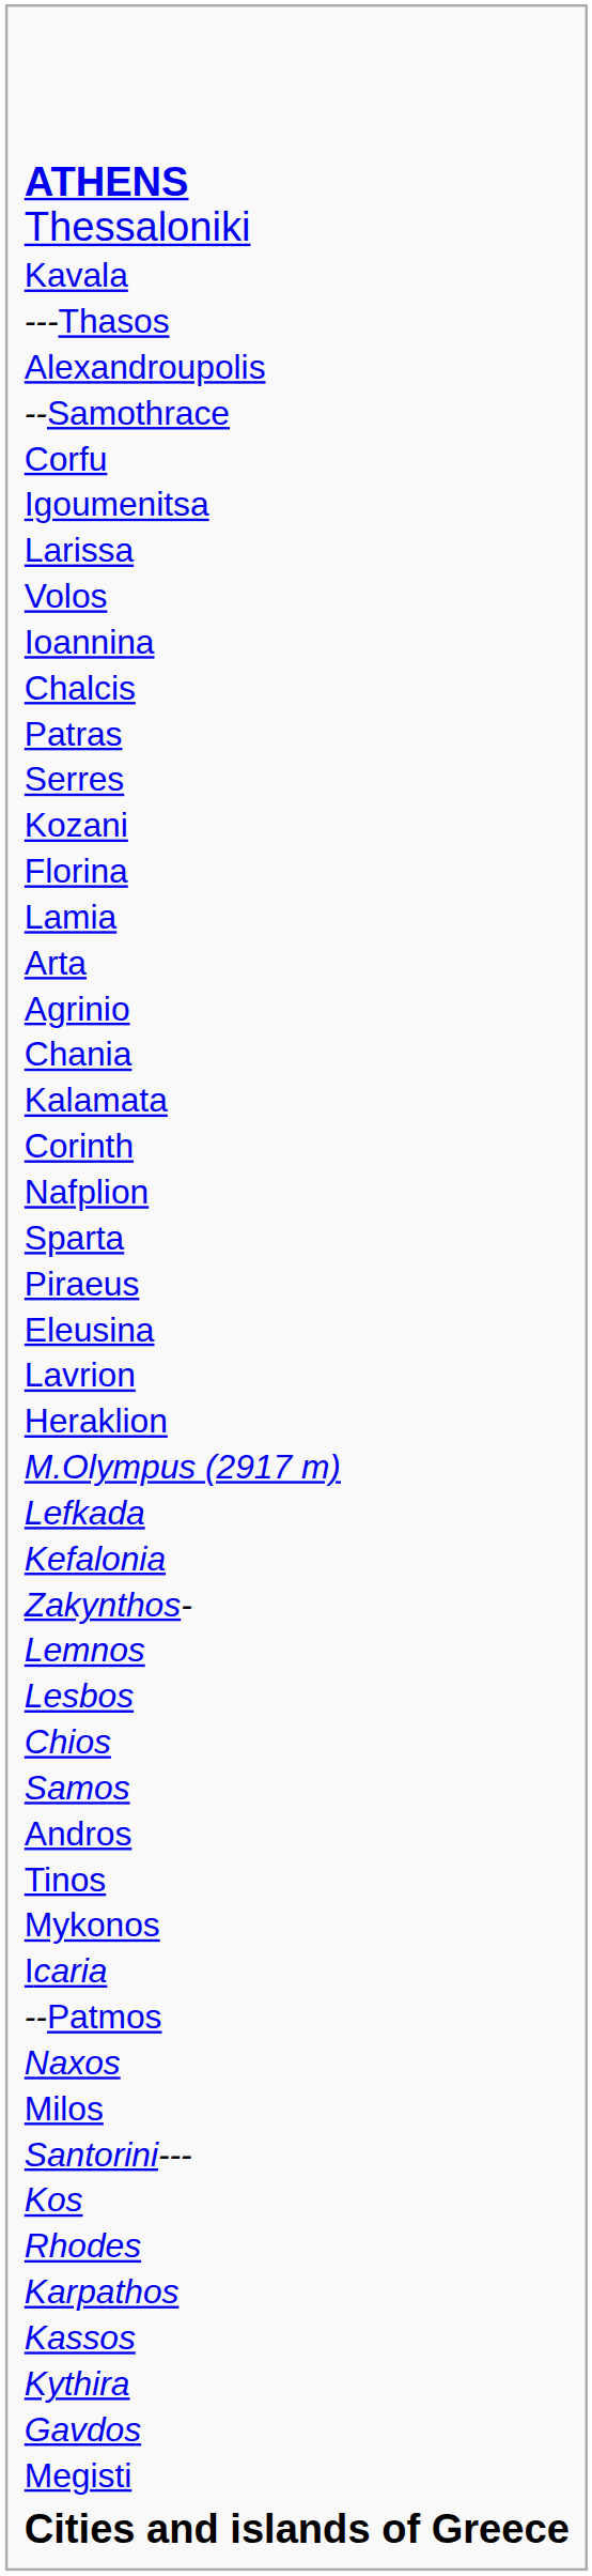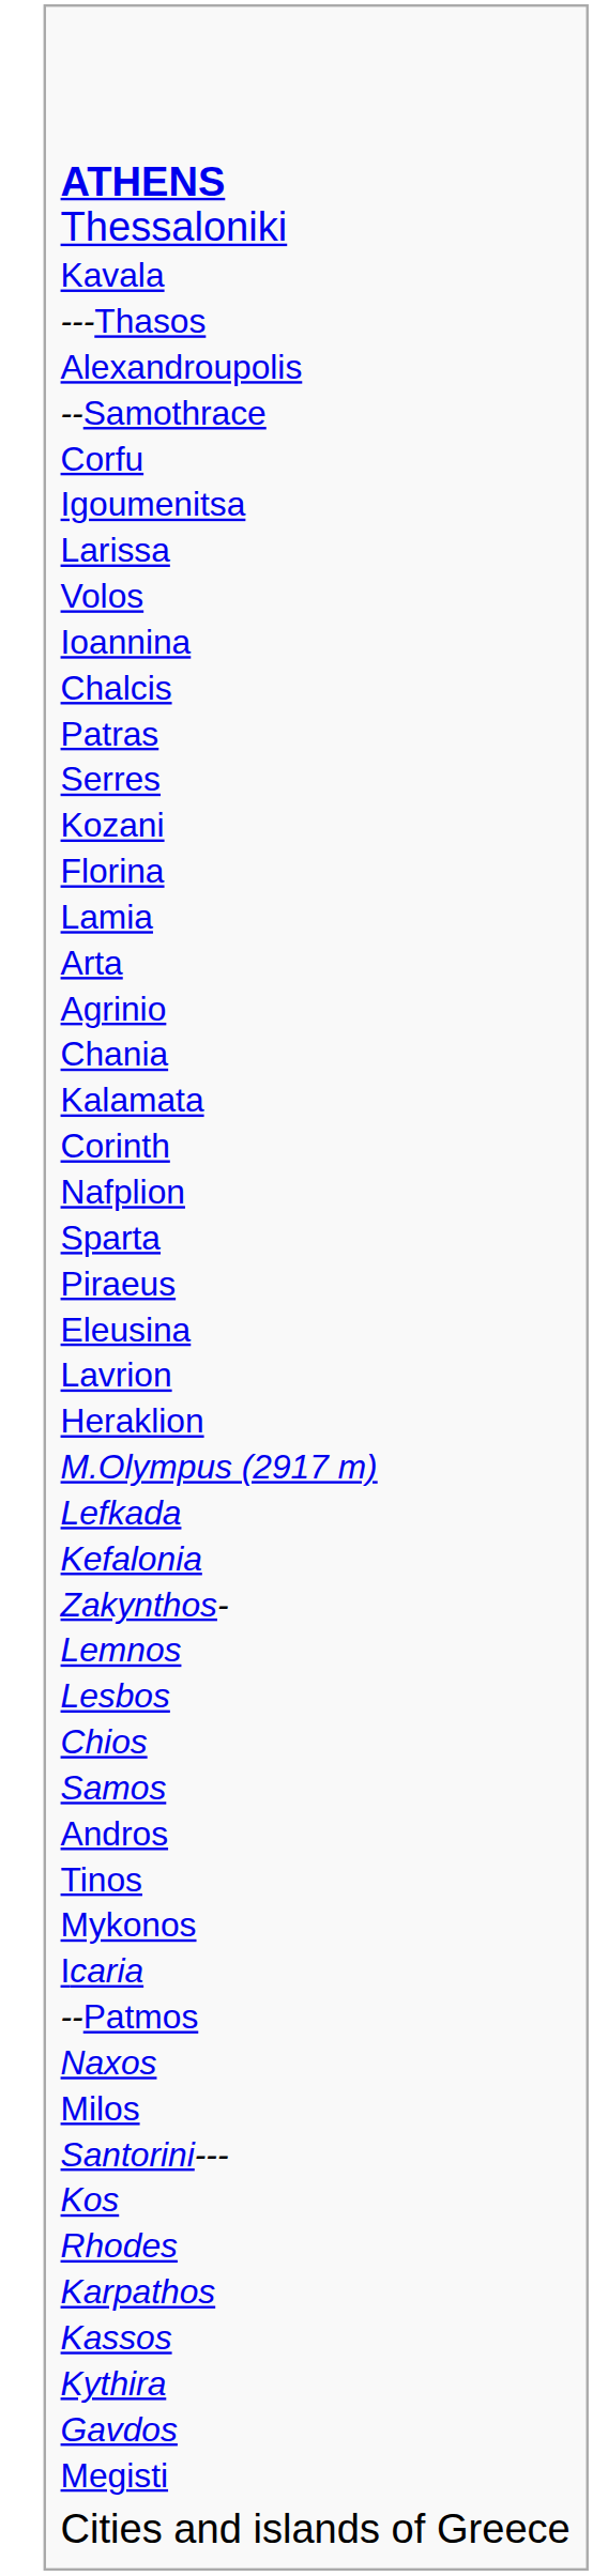 <table class="infobox">
 <tr>
 <td><br><div><br><br>  <div><strong><a href='#'><span>ATHENS</span></a></strong></div> <div><a href='#'>Thessaloniki</a></div> <div><small><a href='#'>Kavala</a></small></div> <div><small><em>---</em><a href='#'>Thasos</a></small></div> <div><small><a href='#'>Alexandroupolis</a></small></div> <div><small><em>--</em><a href='#'>Samothrace</a></small></div> <div><small><a href='#'>Corfu</a></small></div> <div><small><a href='#'>Igoumenitsa</a></small></div> <div><small><a href='#'>Larissa</a></small></div> <div><small><a href='#'>Volos</a></small></div> <div><small><a href='#'>Ioannina</a></small></div> <div><small><a href='#'>Chalcis</a></small></div> <div><small><a href='#'>Patras</a></small></div> <div><small><a href='#'>Serres</a></small></div> <div><small><a href='#'>Kozani</a></small></div> <div><small><a href='#'>Florina</a></small></div> <div><small><a href='#'>Lamia</a></small></div> <div><small><a href='#'>Arta</a></small></div> <div><small><a href='#'>Agrinio</a></small></div> <div><small><a href='#'>Chania</a></small></div> <div><small><a href='#'>Kalamata</a></small></div> <div><small><a href='#'>Corinth</a></small></div> <div><small><a href='#'>Nafplion</a></small></div> <div><small><a href='#'>Sparta</a></small></div> <div><small><a href='#'>Piraeus</a></small></div> <div><small><a href='#'>Eleusina</a></small></div> <div><small><a href='#'>Lavrion</a></small></div> <div><small><a href='#'>Heraklion</a></small></div> <div><em><small><a href='#'>M.Olympus (2917 m)</a></small></em></div> <div><em><small><a href='#'>Lefkada</a></small></em></div> <div><em><small><a href='#'>Kefalonia</a></small></em></div>  <div><em><small><a href='#'>Zakynthos</a>-</small></em></div> <div><em><small><a href='#'>Lemnos</a></small></em></div> <div><em><small><a href='#'>Lesbos</a></small></em></div> <div><em><small><a href='#'>Chios</a></small></em></div> <div><em><small><a href='#'>Samos</a></small></em></div> <div><small><a href='#'>Andros</a></small></div> <div><small><a href='#'>Tinos</a></small></div> <div><small><a href='#'>Mykonos</a></small></div> <div><small><a href='#'>I<em>caria</em></a></small></div> <div><small><em>--</em><a href='#'>Patmos</a></small></div> <div><em><small><a href='#'>Naxos</a></small></em></div> <div><small><a href='#'>Milos</a></small></div> <div><em><small><a href='#'>Santorini</a>---</small></em></div> <div><em><small><a href='#'>Kos</a></small></em></div> <div><em><small><a href='#'>Rhodes</a></small></em></div> <div><em><small><a href='#'>Karpathos</a></small></em></div> <div><em><small><a href='#'>Kassos</a></small></em></div> <div><em><small><a href='#'>Kythira</a></small></em></div> <div><em><small><a href='#'>Gavdos</a></small></em></div> <div><small><a href='#'>Megisti</a></small></div> </div></td>
 </tr>
 <tr>
-<td><strong>Cities and islands of Greece</strong></td>
+<td>Cities and islands of Greece</td>
 </tr>
 </table>
